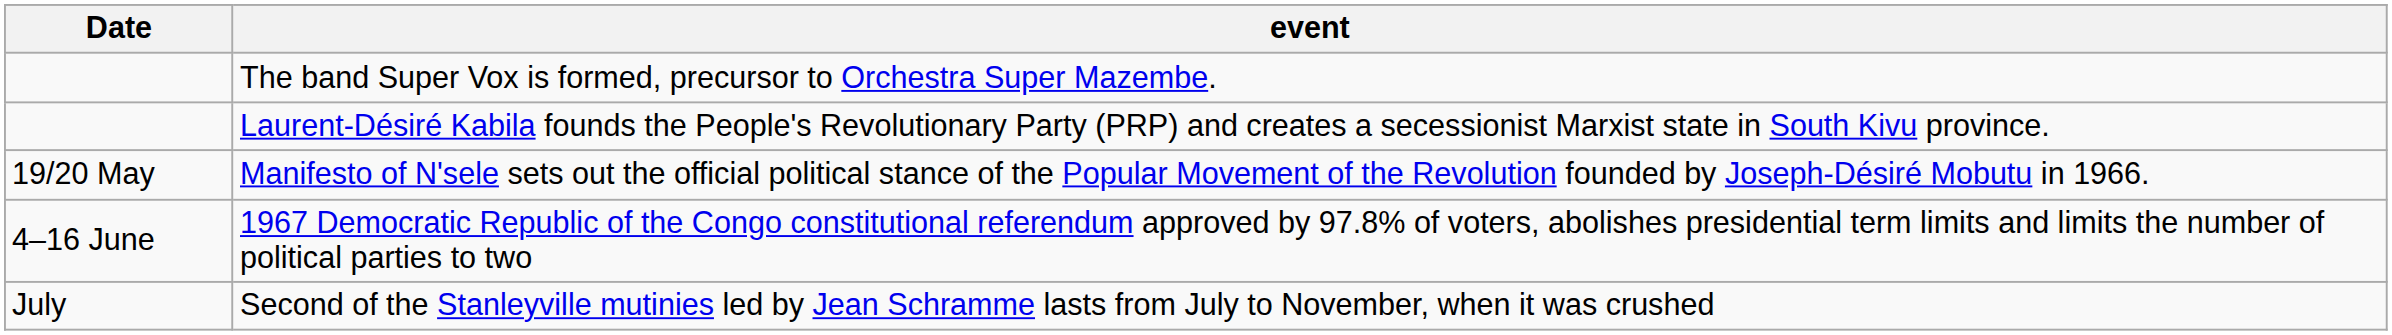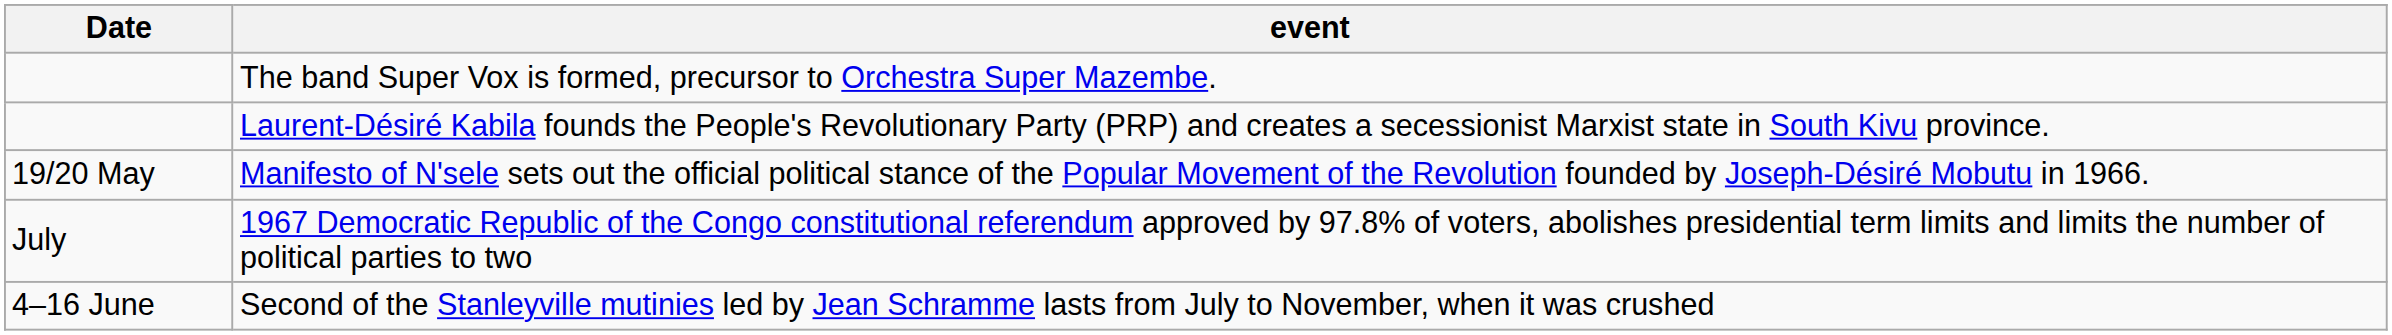 <table class=wikitable>
 <tr>
 <th style="width:7em">Date</th>
 <th>event</th>
 </tr>
 <tr>
 <td></td>
 <td>The band Super Vox is formed, precursor to <a href='#'>Orchestra Super Mazembe</a>.</td>
 </tr>
 <tr>
 <td></td>
 <td><a href='#'>Laurent-Désiré Kabila</a> founds the People's Revolutionary Party (PRP) and creates a secessionist Marxist state in <a href='#'>South Kivu</a> province.</td>
 </tr>
 <tr>
 <td>19/20 May</td>
 <td><a href='#'>Manifesto of N'sele</a> sets out the official political stance of the <a href='#'>Popular Movement of the Revolution</a> founded by <a href='#'>Joseph-Désiré Mobutu</a> in 1966.</td>
 </tr>
 <tr>
-<td>4–16 June</td>
+<td>July</td>
 <td><a href='#'>1967 Democratic Republic of the Congo constitutional referendum</a> approved by 97.8% of voters, abolishes presidential term limits and limits the number of political parties to two</td>
 </tr>
 <tr>
-<td>July</td>
+<td>4–16 June</td>
 <td>Second of the <a href='#'>Stanleyville mutinies</a> led by <a href='#'>Jean Schramme</a> lasts from July to November, when it was crushed</td>
 </tr>
 </table>
